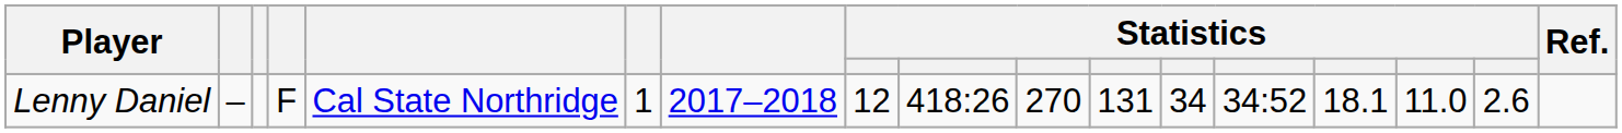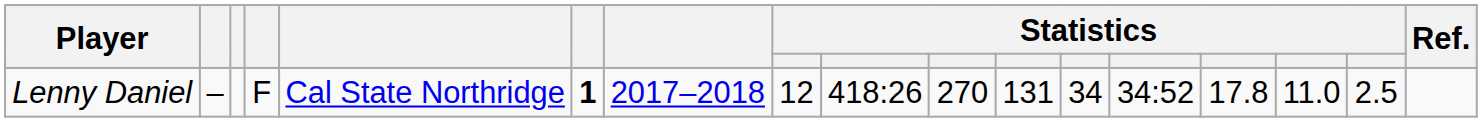 <table class="wikitable sortable" style="font-size:95%; text-align:right;">
 <tr>
 <th rowspan="2">Player</th>
 <th rowspan="2"></th>
 <th rowspan="2"></th>
 <th rowspan="2"></th>
 <th rowspan="2"></th>
 <th rowspan="2"></th>
 <th rowspan="2"></th>
 <th colspan="9">Statistics</th>
 <th rowspan="2">Ref.</th>
 </tr>
 <tr>
 <th></th>
 <th></th>
 <th></th>
 <th></th>
 <th></th>
 <th></th>
 <th></th>
 <th></th>
 <th></th>
 </tr>
 <tr>
 <td align="left"><em>Lenny Daniel</em></td>
 <td align="left">–</td>
 <td align="center"></td>
 <td align="center">F</td>
 <td align="left"><a href='#'>Cal State Northridge</a></td>
-<td align="center">1</td>
+<td align="center"><strong>1</strong></td>
 <td align="center"><a href='#'>2017–2018</a></td>
 <td>12</td>
 <td>418:26</td>
 <td>270</td>
 <td>131</td>
 <td>34</td>
 <td>34:52</td>
-<td>18.1</td>
+<td>17.8</td>
 <td>11.0</td>
-<td>2.6</td>
+<td>2.5</td>
 <td align="center"></td>
 </tr>
 </table>
